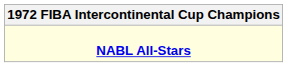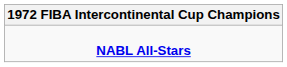 <table class=wikitable style="text-align:center; margin:auto">
 <tr>
 <th>1972 FIBA Intercontinental Cup Champions</th>
 </tr>
 <tr>
-<td style="background: lightyellow;"><br><strong><a href='#'>NABL All-Stars</a></strong></td>
+<td><br><strong><a href='#'>NABL All-Stars</a></strong></td>
 </tr>
 </table>
